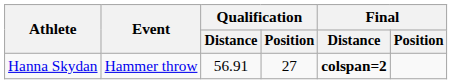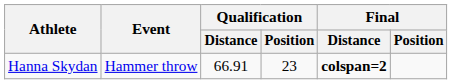 <table class=wikitable style="font-size:90%">
 <tr>
 <th rowspan="2">Athlete</th>
 <th rowspan="2">Event</th>
 <th colspan="2">Qualification</th>
 <th colspan="2">Final</th>
 </tr>
 <tr style="font-size:95%">
 <th>Distance</th>
 <th>Position</th>
 <th>Distance</th>
 <th>Position</th>
 </tr>
 <tr style=text-align:center>
 <td style=text-align:left><a href='#'>Hanna Skydan</a></td>
 <td style=text-align:left><a href='#'>Hammer throw</a></td>
-<td>56.91</td>
-<td>27</td>
+<td>66.91</td>
+<td>23</td>
 <td><strong>colspan=2 </strong></td>
 </tr>
 </table>
